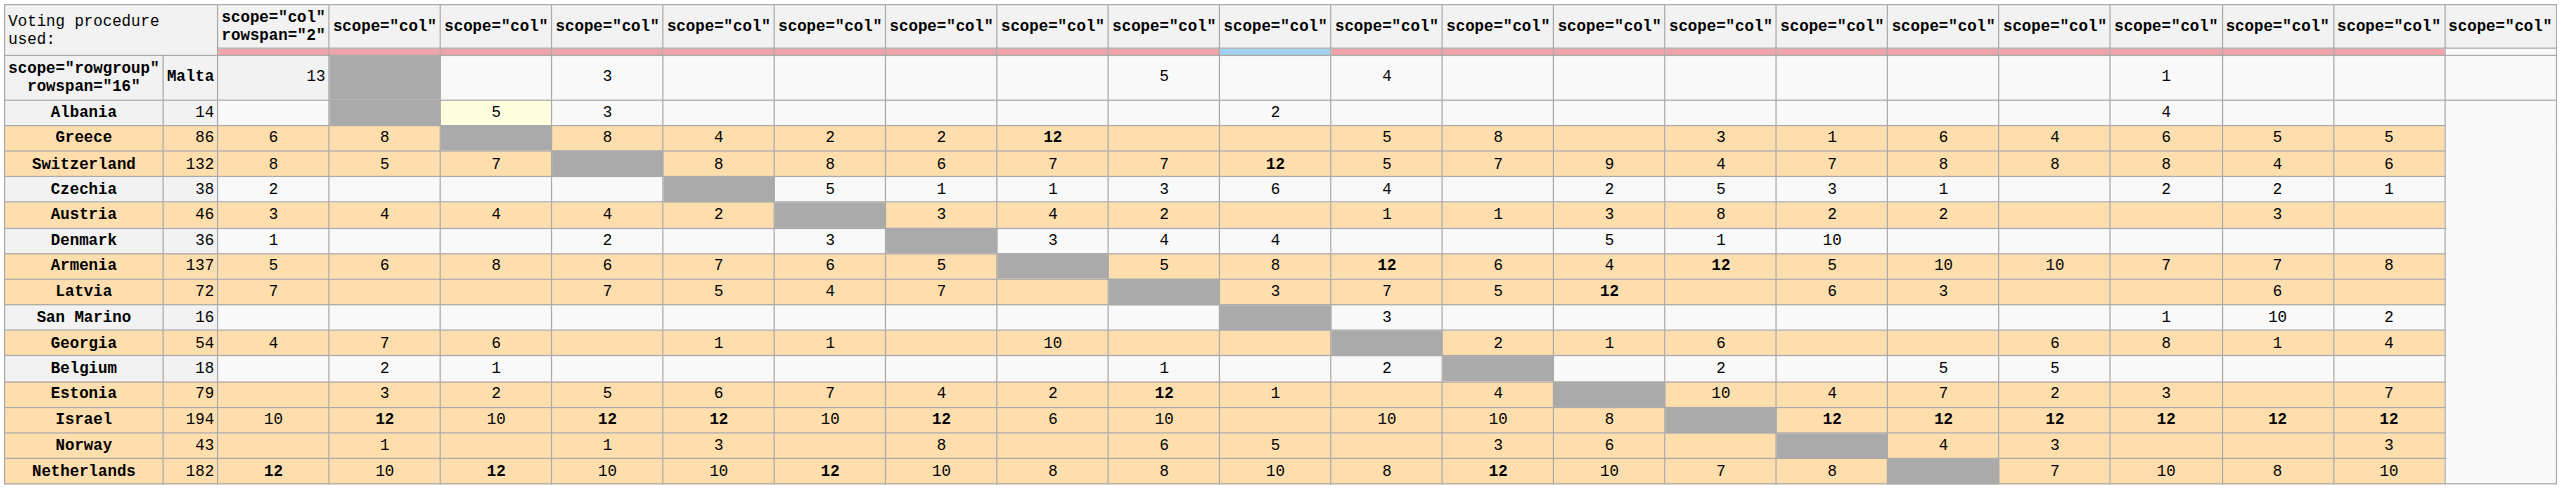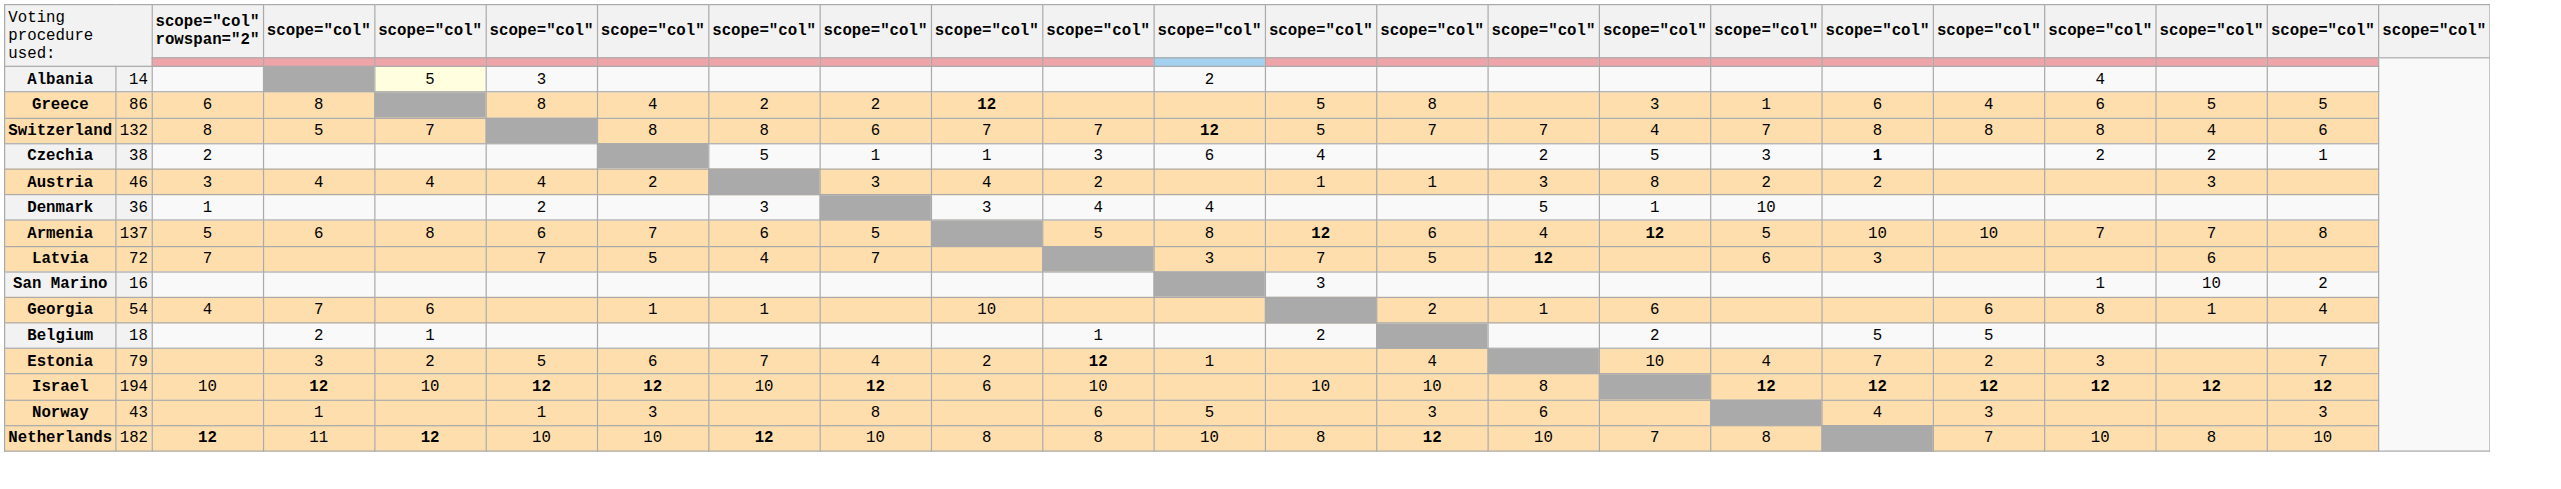 <table class="wikitable plainrowheaders" style="text-align: center;">
 <tr>
 <td colspan="2" rowspan="2" style="text-align: left; background: #F2F2F2;">Voting procedure used:<br></td>
 <th>scope="col" rowspan="2" </th>
 <th>scope="col" </th>
 <th>scope="col" </th>
 <th>scope="col" </th>
 <th>scope="col" </th>
 <th>scope="col" </th>
 <th>scope="col" </th>
 <th>scope="col" </th>
 <th>scope="col" </th>
 <th>scope="col" </th>
 <th>scope="col" </th>
 <th>scope="col" </th>
 <th>scope="col" </th>
 <th>scope="col" </th>
 <th>scope="col" </th>
 <th>scope="col" </th>
 <th>scope="col" </th>
 <th>scope="col" </th>
 <th>scope="col" </th>
 <th>scope="col" </th>
 <th>scope="col" </th>
 </tr>
 <tr>
 <td style="background: #EFA4A9;"></td>
 <td style="background: #EFA4A9;"></td>
 <td style="background: #EFA4A9;"></td>
 <td style="background: #EFA4A9;"></td>
 <td style="background: #EFA4A9;"></td>
 <td style="background: #EFA4A9;"></td>
 <td style="background: #EFA4A9;"></td>
 <td style="background: #EFA4A9;"></td>
 <td style="background: #EFA4A9;"></td>
 <td style="background: #A4D1EF;"></td>
 <td style="background: #EFA4A9;"></td>
 <td style="background: #EFA4A9;"></td>
 <td style="background: #EFA4A9;"></td>
 <td style="background: #EFA4A9;"></td>
 <td style="background: #EFA4A9;"></td>
 <td style="background: #EFA4A9;"></td>
 <td style="background: #EFA4A9;"></td>
 <td style="background: #EFA4A9;"></td>
 <td style="background: #EFA4A9;"></td>
 <td style="background: #EFA4A9;"></td>
-</tr>
-<tr>
-<th>scope="rowgroup" rowspan="16" </th>
-<th scope="row" style="background: #f2f2f2;">Malta</th>
-<td style="text-align: right; background: #f2f2f2;">13</td>
-<td style="background: #aaa;"></td>
-<td></td>
-<td>3</td>
-<td></td>
-<td></td>
-<td></td>
-<td></td>
-<td>5</td>
-<td></td>
-<td>4</td>
-<td></td>
-<td></td>
-<td></td>
-<td></td>
-<td></td>
-<td></td>
-<td>1</td>
-<td></td>
-<td></td>
-<td></td>
 </tr>
 <tr>
 <th scope="row" style="background: #f2f2f2;">Albania</th>
 <td style="text-align: right; background: #f2f2f2;">14</td>
 <td></td>
 <td style="background: #aaa;"></td>
 <td style="background: lightyellow;">5</td>
 <td>3</td>
 <td></td>
 <td></td>
 <td></td>
 <td></td>
 <td></td>
 <td>2</td>
 <td></td>
 <td></td>
 <td></td>
 <td></td>
 <td></td>
 <td></td>
 <td></td>
 <td>4</td>
 <td></td>
 <td></td>
 </tr>
 <tr style="background:#ffdead;">
 <th scope="row" style="background:#ffdead;">Greece</th>
 <td style="text-align: right;">86</td>
 <td>6</td>
 <td>8</td>
 <td style="background: #aaa;"></td>
 <td>8</td>
 <td>4</td>
 <td>2</td>
 <td>2</td>
 <td><strong>12</strong></td>
 <td></td>
 <td></td>
 <td>5</td>
 <td>8</td>
 <td></td>
 <td>3</td>
 <td>1</td>
 <td>6</td>
 <td>4</td>
 <td>6</td>
 <td>5</td>
 <td>5</td>
 </tr>
 <tr style="background:#ffdead;">
 <th scope="row" style="background:#ffdead;">Switzerland</th>
 <td style="text-align: right;">132</td>
 <td>8</td>
 <td>5</td>
 <td>7</td>
 <td style="background: #aaa;"></td>
 <td>8</td>
 <td>8</td>
 <td>6</td>
 <td>7</td>
 <td>7</td>
 <td><strong>12</strong></td>
 <td>5</td>
 <td>7</td>
-<td>9</td>
+<td>7</td>
 <td>4</td>
 <td>7</td>
 <td>8</td>
 <td>8</td>
 <td>8</td>
 <td>4</td>
 <td>6</td>
 </tr>
 <tr>
 <th scope="row" style="background: #f2f2f2;">Czechia</th>
 <td style="text-align: right; background: #f2f2f2;">38</td>
 <td>2</td>
 <td></td>
 <td></td>
 <td></td>
 <td style="background: #aaa;"></td>
 <td>5</td>
 <td>1</td>
 <td>1</td>
 <td>3</td>
 <td>6</td>
 <td>4</td>
 <td></td>
 <td>2</td>
 <td>5</td>
 <td>3</td>
-<td>1</td>
+<td><strong>1</strong></td>
 <td></td>
 <td>2</td>
 <td>2</td>
 <td>1</td>
 </tr>
 <tr style="background:#ffdead;">
 <th scope="row" style="background: #ffdead;">Austria</th>
 <td style="text-align: right;">46</td>
 <td>3</td>
 <td>4</td>
 <td>4</td>
 <td>4</td>
 <td>2</td>
 <td style="background: #aaa;"></td>
 <td>3</td>
 <td>4</td>
 <td>2</td>
 <td></td>
 <td>1</td>
 <td>1</td>
 <td>3</td>
 <td>8</td>
 <td>2</td>
 <td>2</td>
 <td></td>
 <td></td>
 <td>3</td>
 <td></td>
 </tr>
 <tr>
 <th scope="row" style="background: #f2f2f2;">Denmark</th>
 <td style="text-align: right; background: #f2f2f2;">36</td>
 <td>1</td>
 <td></td>
 <td></td>
 <td>2</td>
 <td></td>
 <td>3</td>
 <td style="background: #aaa;"></td>
 <td>3</td>
 <td>4</td>
 <td>4</td>
 <td></td>
 <td></td>
 <td>5</td>
 <td>1</td>
 <td>10</td>
 <td></td>
 <td></td>
 <td></td>
 <td></td>
 <td></td>
 </tr>
 <tr style="background:#ffdead;">
 <th scope="row" style="background:#ffdead;">Armenia</th>
 <td style="text-align: right;">137</td>
 <td>5</td>
 <td>6</td>
 <td>8</td>
 <td>6</td>
 <td>7</td>
 <td>6</td>
 <td>5</td>
 <td style="background: #aaa;"></td>
 <td>5</td>
 <td>8</td>
 <td><strong>12</strong></td>
 <td>6</td>
 <td>4</td>
 <td><strong>12</strong></td>
 <td>5</td>
 <td>10</td>
 <td>10</td>
 <td>7</td>
 <td>7</td>
 <td>8</td>
 </tr>
 <tr style="background:#ffdead;">
 <th scope="row" style="background: #ffdead;">Latvia</th>
 <td style="text-align: right;">72</td>
 <td>7</td>
 <td></td>
 <td></td>
 <td>7</td>
 <td>5</td>
 <td>4</td>
 <td>7</td>
 <td></td>
 <td style="background: #aaa;"></td>
 <td>3</td>
 <td>7</td>
 <td>5</td>
 <td><strong>12</strong></td>
 <td></td>
 <td>6</td>
 <td>3</td>
 <td></td>
 <td></td>
 <td>6</td>
 <td></td>
 </tr>
 <tr>
 <th scope="row" style="background: #f2f2f2;">San Marino</th>
 <td style="text-align: right; background: #f2f2f2;">16</td>
 <td></td>
 <td></td>
 <td></td>
 <td></td>
 <td></td>
 <td></td>
 <td></td>
 <td></td>
 <td></td>
 <td style="background: #aaa;"></td>
 <td>3</td>
 <td></td>
 <td></td>
 <td></td>
 <td></td>
 <td></td>
 <td></td>
 <td>1</td>
 <td>10</td>
 <td>2</td>
 </tr>
 <tr style="background:#ffdead;">
 <th scope="row" style="background: #ffdead;">Georgia</th>
 <td style="text-align: right;">54</td>
 <td>4</td>
 <td>7</td>
 <td>6</td>
 <td></td>
 <td>1</td>
 <td>1</td>
 <td></td>
 <td>10</td>
 <td></td>
 <td></td>
 <td style="background: #aaa;"></td>
 <td>2</td>
 <td>1</td>
 <td>6</td>
 <td></td>
 <td></td>
 <td>6</td>
 <td>8</td>
 <td>1</td>
 <td>4</td>
 </tr>
 <tr>
 <th scope="row" style="background: #f2f2f2;">Belgium</th>
 <td style="text-align: right; background: #f2f2f2;">18</td>
 <td></td>
 <td>2</td>
 <td>1</td>
 <td></td>
 <td></td>
 <td></td>
 <td></td>
 <td></td>
 <td>1</td>
 <td></td>
 <td>2</td>
 <td style="background: #aaa;"></td>
 <td></td>
 <td>2</td>
 <td></td>
 <td>5</td>
 <td>5</td>
 <td></td>
 <td></td>
 <td></td>
 </tr>
 <tr style="background:#ffdead;">
 <th scope="row" style="background:#ffdead">Estonia</th>
 <td style="text-align: right;">79</td>
 <td></td>
 <td>3</td>
 <td>2</td>
 <td>5</td>
 <td>6</td>
 <td>7</td>
 <td>4</td>
 <td>2</td>
 <td><strong>12</strong></td>
 <td>1</td>
 <td></td>
 <td>4</td>
 <td style="background: #aaa;"></td>
 <td>10</td>
 <td>4</td>
 <td>7</td>
 <td>2</td>
 <td>3</td>
 <td></td>
 <td>7</td>
 </tr>
 <tr style="background:#ffdead;">
 <th scope="row" style="background: #ffdead;">Israel</th>
 <td style="text-align: right;">194</td>
 <td>10</td>
 <td><strong>12</strong></td>
 <td>10</td>
 <td><strong>12</strong></td>
 <td><strong>12</strong></td>
 <td>10</td>
 <td><strong>12</strong></td>
 <td>6</td>
 <td>10</td>
 <td></td>
 <td>10</td>
 <td>10</td>
 <td>8</td>
 <td style="background: #aaa;"></td>
 <td><strong>12</strong></td>
 <td><strong>12</strong></td>
 <td><strong>12</strong></td>
 <td><strong>12</strong></td>
 <td><strong>12</strong></td>
 <td><strong>12</strong></td>
 </tr>
 <tr style="background:#ffdead;">
 <th scope="row" style="background: #ffdead;">Norway</th>
 <td style="text-align: right;">43</td>
 <td></td>
 <td>1</td>
 <td></td>
 <td>1</td>
 <td>3</td>
 <td></td>
 <td>8</td>
 <td></td>
 <td>6</td>
 <td>5</td>
 <td></td>
 <td>3</td>
 <td>6</td>
 <td></td>
 <td style="background: #aaa;"></td>
 <td>4</td>
 <td>3</td>
 <td></td>
 <td></td>
 <td>3</td>
 </tr>
 <tr style="background:#ffdead;">
 <th scope="row" style="background: #ffdead;">Netherlands</th>
 <td style="text-align: right;">182</td>
 <td><strong>12</strong></td>
-<td>10</td>
+<td>11</td>
 <td><strong>12</strong></td>
 <td>10</td>
 <td>10</td>
 <td><strong>12</strong></td>
 <td>10</td>
 <td>8</td>
 <td>8</td>
 <td>10</td>
 <td>8</td>
 <td><strong>12</strong></td>
 <td>10</td>
 <td>7</td>
 <td>8</td>
 <td style="background: #aaa;"></td>
 <td>7</td>
 <td>10</td>
 <td>8</td>
 <td>10</td>
 </tr>
 </table>
